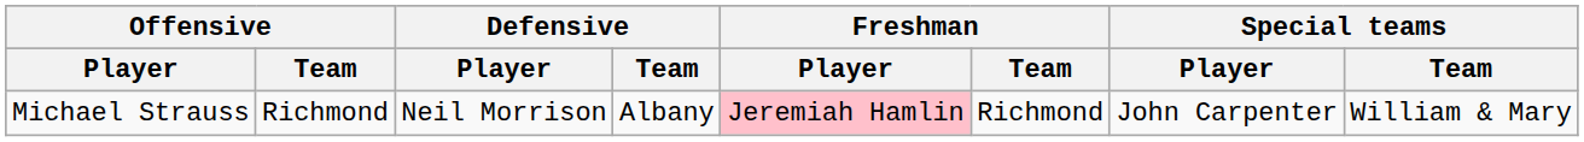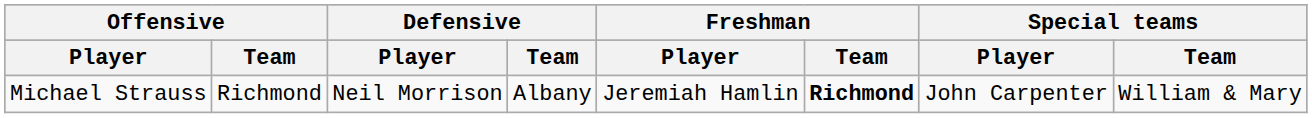 <table class="wikitable" border="1">
 <tr>
 <th colspan="2">Offensive</th>
 <th colspan="2">Defensive</th>
 <th colspan="2">Freshman</th>
 <th colspan="2">Special teams</th>
 </tr>
 <tr>
 <th>Player</th>
 <th>Team</th>
 <th>Player</th>
 <th>Team</th>
 <th>Player</th>
 <th>Team</th>
 <th>Player</th>
 <th>Team</th>
 </tr>
 <tr>
 <td>Michael Strauss</td>
 <td>Richmond</td>
 <td>Neil Morrison</td>
 <td>Albany</td>
-<td style="background: pink;">Jeremiah Hamlin</td>
-<td>Richmond</td>
+<td>Jeremiah Hamlin</td>
+<td><strong>Richmond</strong></td>
 <td>John Carpenter</td>
 <td>William & Mary</td>
 </tr>
 </table>
